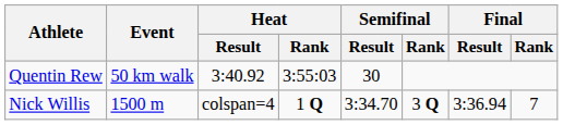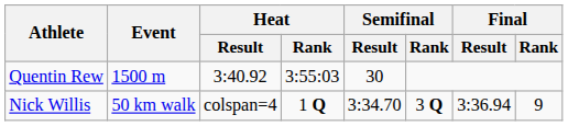 <table class="wikitable" style="font-size:90%">
 <tr>
 <th rowspan="2">Athlete</th>
 <th rowspan="2">Event</th>
 <th colspan="2">Heat</th>
 <th colspan="2">Semifinal</th>
 <th colspan="2">Final</th>
 </tr>
 <tr style="font-size:95%">
 <th>Result</th>
 <th>Rank</th>
 <th>Result</th>
 <th>Rank</th>
 <th>Result</th>
 <th>Rank</th>
 </tr>
 <tr align=center>
 <td align=left><a href='#'>Quentin Rew</a></td>
-<td align=left><a href='#'>50 km walk</a></td>
+<td align=left><a href='#'>1500 m</a></td>
 <td>3:40.92</td>
 <td>3:55:03</td>
 <td>30</td>
 </tr>
 <tr align=center>
 <td align=left><a href='#'>Nick Willis</a></td>
-<td align=left><a href='#'>1500 m</a></td>
+<td align=left><a href='#'>50 km walk</a></td>
 <td>colspan=4 </td>
 <td>1 <strong>Q</strong></td>
 <td>3:34.70</td>
 <td>3 <strong>Q</strong></td>
 <td>3:36.94</td>
-<td>7</td>
+<td>9</td>
 </tr>
 </table>
